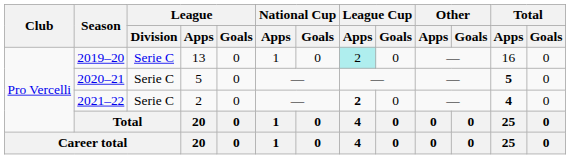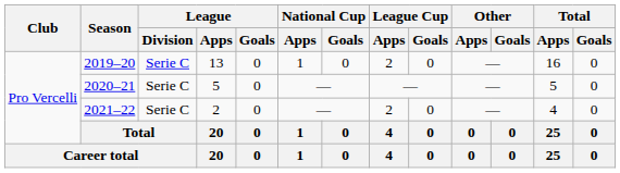 <table class="wikitable" style="text-align:center">
 <tr>
 <th rowspan="2">Club</th>
 <th rowspan="2">Season</th>
 <th colspan="3">League</th>
 <th colspan="2">National Cup</th>
 <th colspan="2">League Cup</th>
 <th colspan="2">Other</th>
 <th colspan="2">Total</th>
 </tr>
 <tr>
 <th>Division</th>
 <th>Apps</th>
 <th>Goals</th>
 <th>Apps</th>
 <th>Goals</th>
 <th>Apps</th>
 <th>Goals</th>
 <th>Apps</th>
 <th>Goals</th>
 <th>Apps</th>
 <th>Goals</th>
 </tr>
 <tr>
 <td rowspan="4"><a href='#'>Pro Vercelli</a></td>
 <td><a href='#'>2019–20</a></td>
 <td><a href='#'>Serie C</a></td>
 <td>13</td>
 <td>0</td>
 <td>1</td>
 <td>0</td>
-<td style="background: paleturquoise;">2</td>
+<td>2</td>
 <td>0</td>
 <td colspan="2">—</td>
 <td>16</td>
 <td>0</td>
 </tr>
 <tr>
 <td><a href='#'>2020–21</a></td>
 <td>Serie C</td>
 <td>5</td>
 <td>0</td>
 <td colspan="2">—</td>
 <td colspan="2">—</td>
 <td colspan="2">—</td>
-<td><strong>5</strong></td>
+<td>5</td>
 <td>0</td>
 </tr>
 <tr>
 <td><a href='#'>2021–22</a></td>
 <td>Serie C</td>
 <td>2</td>
 <td>0</td>
 <td colspan="2">—</td>
-<td><strong>2</strong></td>
+<td>2</td>
 <td>0</td>
 <td colspan="2">—</td>
-<td><strong>4</strong></td>
+<td>4</td>
 <td>0</td>
 </tr>
 <tr>
 <th colspan="2">Total</th>
 <th>20</th>
 <th>0</th>
 <th>1</th>
 <th>0</th>
 <th>4</th>
 <th>0</th>
 <th>0</th>
 <th>0</th>
 <th>25</th>
 <th>0</th>
 </tr>
 <tr>
 <th colspan="3">Career total</th>
 <th>20</th>
 <th>0</th>
 <th>1</th>
 <th>0</th>
 <th>4</th>
 <th>0</th>
 <th>0</th>
 <th>0</th>
 <th>25</th>
 <th>0</th>
 </tr>
 </table>
